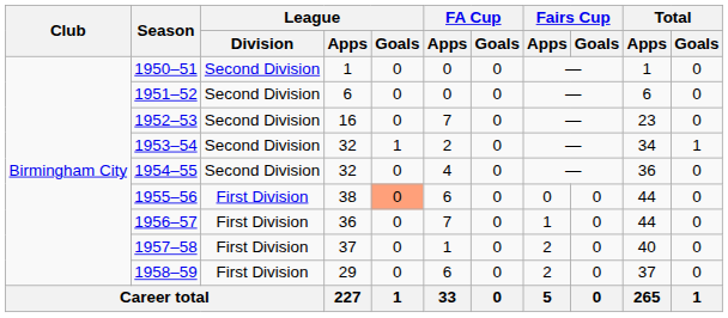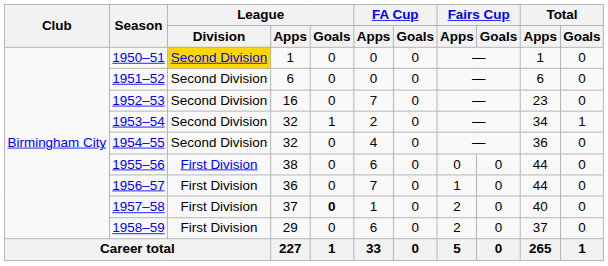 <table class=wikitable style="text-align:center">
 <tr>
 <th rowspan="2">Club</th>
 <th rowspan="2">Season</th>
 <th colspan="3">League</th>
 <th colspan="2"><a href='#'>FA Cup</a></th>
 <th colspan="2"><a href='#'>Fairs Cup</a></th>
 <th colspan="2">Total</th>
 </tr>
 <tr>
 <th>Division</th>
 <th>Apps</th>
 <th>Goals</th>
 <th>Apps</th>
 <th>Goals</th>
 <th>Apps</th>
 <th>Goals</th>
 <th>Apps</th>
 <th>Goals</th>
 </tr>
 <tr>
 <td rowspan="9"><a href='#'>Birmingham City</a></td>
 <td><a href='#'>1950–51</a></td>
-<td><a href='#'>Second Division</a></td>
+<td style="background: gold;"><a href='#'>Second Division</a></td>
 <td>1</td>
 <td>0</td>
 <td>0</td>
 <td>0</td>
 <td colspan="2">—</td>
 <td>1</td>
 <td>0</td>
 </tr>
 <tr>
 <td><a href='#'>1951–52</a></td>
 <td>Second Division</td>
 <td>6</td>
 <td>0</td>
 <td>0</td>
 <td>0</td>
 <td colspan="2">—</td>
 <td>6</td>
 <td>0</td>
 </tr>
 <tr>
 <td><a href='#'>1952–53</a></td>
 <td>Second Division</td>
 <td>16</td>
 <td>0</td>
 <td>7</td>
 <td>0</td>
 <td colspan="2">—</td>
 <td>23</td>
 <td>0</td>
 </tr>
 <tr>
 <td><a href='#'>1953–54</a></td>
 <td>Second Division</td>
 <td>32</td>
 <td>1</td>
 <td>2</td>
 <td>0</td>
 <td colspan="2">—</td>
 <td>34</td>
 <td>1</td>
 </tr>
 <tr>
 <td><a href='#'>1954–55</a></td>
 <td>Second Division</td>
 <td>32</td>
 <td>0</td>
 <td>4</td>
 <td>0</td>
 <td colspan="2">—</td>
 <td>36</td>
 <td>0</td>
 </tr>
 <tr>
 <td><a href='#'>1955–56</a></td>
 <td><a href='#'>First Division</a></td>
 <td>38</td>
-<td style="background: lightsalmon;">0</td>
+<td>0</td>
 <td>6</td>
 <td>0</td>
 <td>0</td>
 <td>0</td>
 <td>44</td>
 <td>0</td>
 </tr>
 <tr>
 <td><a href='#'>1956–57</a></td>
 <td>First Division</td>
 <td>36</td>
 <td>0</td>
 <td>7</td>
 <td>0</td>
 <td>1</td>
 <td>0</td>
 <td>44</td>
 <td>0</td>
 </tr>
 <tr>
 <td><a href='#'>1957–58</a></td>
 <td>First Division</td>
 <td>37</td>
-<td>0</td>
+<td><strong>0</strong></td>
 <td>1</td>
 <td>0</td>
 <td>2</td>
 <td>0</td>
 <td>40</td>
 <td>0</td>
 </tr>
 <tr>
 <td><a href='#'>1958–59</a></td>
 <td>First Division</td>
 <td>29</td>
 <td>0</td>
 <td>6</td>
 <td>0</td>
 <td>2</td>
 <td>0</td>
 <td>37</td>
 <td>0</td>
 </tr>
 <tr>
 <th colspan="3">Career total</th>
 <th>227</th>
 <th>1</th>
 <th>33</th>
 <th>0</th>
 <th>5</th>
 <th>0</th>
 <th>265</th>
 <th>1</th>
 </tr>
 </table>
